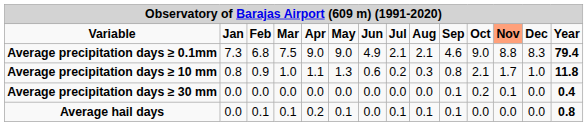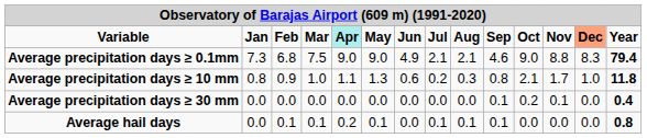 <table class="wikitable" style="text-align:center">
 <tr bgcolor="lightgrey">
 <td colspan="14"><strong>Observatory of <a href='#'>Barajas Airport</a> (609 m) (1991-2020)</strong></td>
 </tr>
 <tr>
 <td><strong>Variable</strong></td>
 <td><strong>Jan</strong></td>
 <td><strong>Feb</strong></td>
 <td><strong>Mar</strong></td>
-<td><strong>Apr</strong></td>
+<td style="background: paleturquoise;"><strong>Apr</strong></td>
 <td><strong>May</strong></td>
 <td><strong>Jun</strong></td>
 <td><strong>Jul</strong></td>
 <td><strong>Aug</strong></td>
 <td><strong>Sep</strong></td>
 <td><strong>Oct</strong></td>
-<td style="background: lightsalmon;"><strong>Nov</strong></td>
-<td><strong>Dec</strong></td>
+<td><strong>Nov</strong></td>
+<td style="background: lightsalmon;"><strong>Dec</strong></td>
 <td><strong>Year</strong></td>
 </tr>
 <tr>
 <td><strong>Average precipitation days ≥ 0.1mm</strong></td>
 <td>7.3</td>
 <td>6.8</td>
 <td>7.5</td>
 <td>9.0</td>
 <td>9.0</td>
 <td>4.9</td>
 <td>2.1</td>
 <td>2.1</td>
 <td>4.6</td>
 <td>9.0</td>
 <td>8.8</td>
 <td>8.3</td>
 <td><strong>79.4</strong></td>
 </tr>
 <tr>
 <td><strong>Average precipitation days ≥ 10 mm</strong></td>
 <td>0.8</td>
 <td>0.9</td>
 <td>1.0</td>
 <td>1.1</td>
 <td>1.3</td>
 <td>0.6</td>
 <td>0.2</td>
 <td>0.3</td>
 <td>0.8</td>
 <td>2.1</td>
 <td>1.7</td>
 <td>1.0</td>
 <td><strong>11.8</strong></td>
 </tr>
 <tr>
 <td><strong>Average precipitation days ≥ 30 mm</strong></td>
 <td>0.0</td>
 <td>0.0</td>
 <td>0.0</td>
 <td>0.0</td>
 <td>0.0</td>
 <td>0.0</td>
 <td>0.0</td>
 <td>0.0</td>
 <td>0.1</td>
 <td>0.2</td>
 <td>0.1</td>
 <td>0.0</td>
 <td><strong>0.4</strong></td>
 </tr>
 <tr>
 <td><strong>Average hail days</strong></td>
 <td>0.0</td>
 <td>0.1</td>
 <td>0.1</td>
 <td>0.2</td>
 <td>0.1</td>
 <td>0.0</td>
 <td>0.1</td>
 <td>0.1</td>
 <td>0.1</td>
 <td>0.0</td>
 <td>0.0</td>
 <td>0.0</td>
 <td><strong>0.8</strong></td>
 </tr>
 </table>
